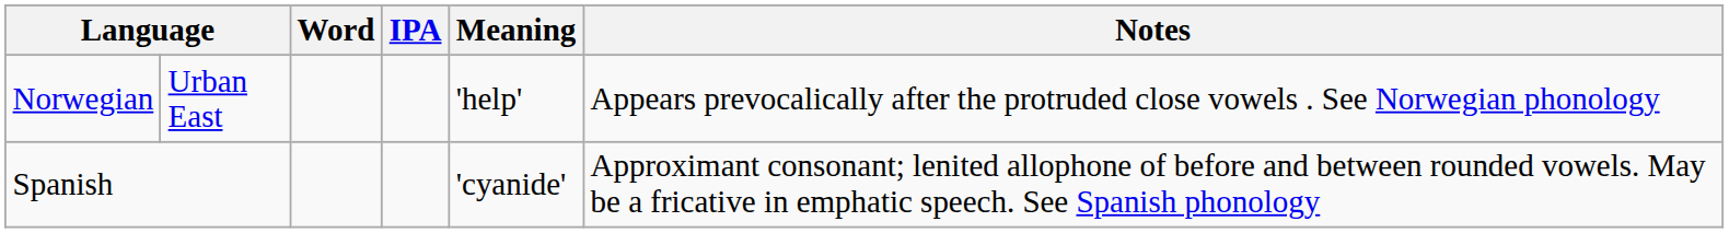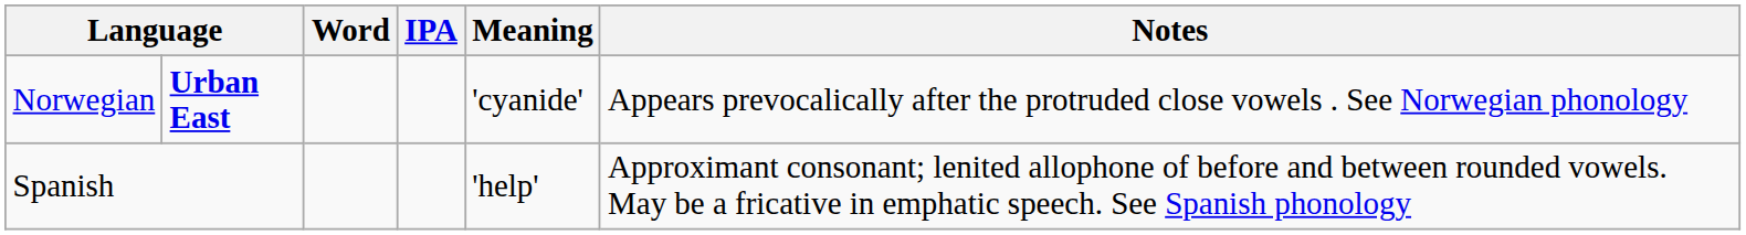 <table class="wikitable">
 <tr>
 <th colspan="2">Language</th>
 <th>Word</th>
 <th><a href='#'>IPA</a></th>
 <th>Meaning</th>
 <th>Notes</th>
 </tr>
 <tr>
 <td><a href='#'>Norwegian</a></td>
-<td><a href='#'>Urban East</a></td>
+<td><strong><a href='#'>Urban East</a></strong></td>
 <td></td>
 <td></td>
-<td>'help'</td>
+<td>'cyanide'</td>
 <td>Appears prevocalically after the protruded close vowels . See <a href='#'>Norwegian phonology</a></td>
 </tr>
 <tr>
 <td colspan="2">Spanish</td>
 <td></td>
 <td></td>
-<td>'cyanide'</td>
+<td>'help'</td>
 <td>Approximant consonant; lenited allophone of  before and between rounded vowels. May be a fricative  in emphatic speech. See <a href='#'>Spanish phonology</a></td>
 </tr>
 </table>
